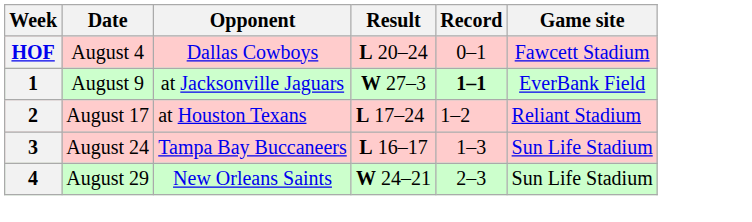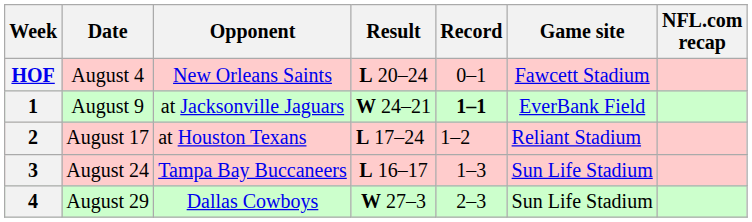 <table class="wikitable" style="align=center">
 <tr>
 <th>Week</th>
 <th>Date</th>
 <th>Opponent</th>
 <th>Result</th>
 <th>Record</th>
 <th>Game site</th>
+<th>NFL.com<br>recap</th>
 </tr>
 <tr style="background:#fcc; text-align:center;">
 <th><a href='#'>HOF</a></th>
 <td>August 4</td>
-<td><a href='#'>Dallas Cowboys</a></td>
+<td><a href='#'>New Orleans Saints</a></td>
 <td><strong>L</strong> 20–24</td>
 <td>0–1</td>
 <td><a href='#'>Fawcett Stadium</a> </td>
+<td></td>
 </tr>
 <tr style="background:#cfc; text-align:center;">
 <th>1</th>
 <td>August 9</td>
 <td>at <a href='#'>Jacksonville Jaguars</a></td>
-<td><strong>W</strong> 27–3</td>
+<td><strong>W</strong> 24–21</td>
 <td><strong>1–1</strong></td>
 <td><a href='#'>EverBank Field</a></td>
+<td></td>
 </tr>
 <tr style="background:#fcc">
 <th>2</th>
 <td>August 17</td>
 <td>at <a href='#'>Houston Texans</a></td>
 <td><strong>L</strong> 17–24</td>
 <td>1–2</td>
 <td><a href='#'>Reliant Stadium</a></td>
+<td></td>
 </tr>
 <tr style="background:#fcc; text-align:center;">
 <th>3</th>
 <td>August 24</td>
 <td><a href='#'>Tampa Bay Buccaneers</a></td>
 <td><strong>L</strong> 16–17</td>
 <td>1–3</td>
 <td><a href='#'>Sun Life Stadium</a></td>
+<td></td>
 </tr>
 <tr style="background:#cfc; text-align:center;">
 <th>4</th>
 <td>August 29</td>
-<td><a href='#'>New Orleans Saints</a></td>
-<td><strong>W</strong> 24–21</td>
+<td><a href='#'>Dallas Cowboys</a></td>
+<td><strong>W</strong> 27–3</td>
 <td>2–3</td>
 <td>Sun Life Stadium</td>
+<td></td>
 </tr>
 </table>
